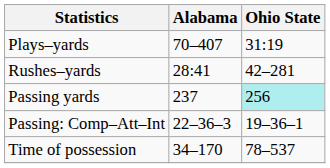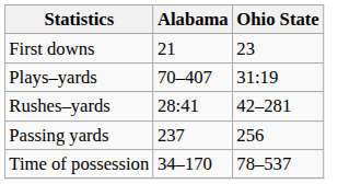 <table class="wikitable">
 <tr>
 <th>Statistics</th>
 <th>Alabama</th>
 <th>Ohio State</th>
+</tr>
+<tr>
+<td>First downs</td>
+<td>21</td>
+<td>23</td>
 </tr>
 <tr>
 <td>Plays–yards</td>
 <td>70–407</td>
 <td>31:19</td>
 </tr>
 <tr>
 <td>Rushes–yards</td>
 <td>28:41</td>
 <td>42–281</td>
 </tr>
 <tr>
 <td>Passing yards</td>
 <td>237</td>
-<td style="background: paleturquoise;">256</td>
-</tr>
-<tr>
-<td>Passing: Comp–Att–Int</td>
-<td>22–36–3</td>
-<td>19–36–1</td>
+<td>256</td>
 </tr>
 <tr>
 <td>Time of possession</td>
 <td>34–170</td>
 <td>78–537</td>
 </tr>
 <tr>
 </tr>
 </table>
